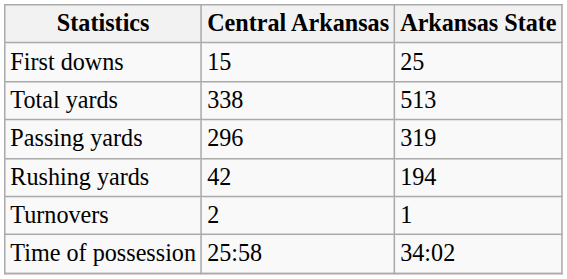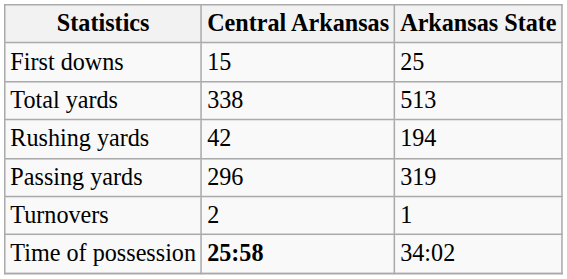 <table class="wikitable">
 <tr>
 <th>Statistics</th>
 <th>Central Arkansas</th>
 <th>Arkansas State</th>
 </tr>
 <tr>
 <td>First downs</td>
 <td>15</td>
 <td>25</td>
 </tr>
 <tr>
 <td>Total yards</td>
 <td>338</td>
 <td>513</td>
 </tr>
 <tr>
+<td>Rushing yards</td>
+<td>42</td>
+<td>194</td>
+</tr>
+<tr>
 <td>Passing yards</td>
 <td>296</td>
 <td>319</td>
-</tr>
-<tr>
-<td>Rushing yards</td>
-<td>42</td>
-<td>194</td>
 </tr>
 <tr>
 <td>Turnovers</td>
 <td>2</td>
 <td>1</td>
 </tr>
 <tr>
 <td>Time of possession</td>
-<td>25:58</td>
+<td><strong>25:58</strong></td>
 <td>34:02</td>
 </tr>
 <tr>
 </tr>
 </table>
